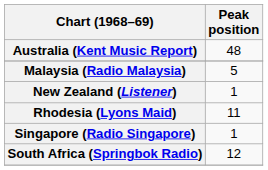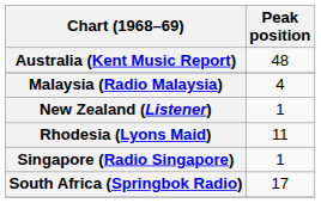 <table class="wikitable sortable plainrowheaders" style="text-align:center">
 <tr>
 <th>Chart (1968–69)</th>
 <th>Peak<br>position</th>
 </tr>
 <tr>
 <th scope="row">Australia (<a href='#'>Kent Music Report</a>)</th>
 <td>48</td>
 </tr>
 <tr>
 </tr>
 <tr>
 </tr>
 <tr>
 <th scope="row">Malaysia (<a href='#'>Radio Malaysia</a>)</th>
-<td>5</td>
+<td>4</td>
 </tr>
 <tr>
 <th scope="row">New Zealand (<em><a href='#'>Listener</a></em>)</th>
 <td>1</td>
 </tr>
 <tr>
 <th scope="row">Rhodesia (<a href='#'>Lyons Maid</a>)</th>
 <td>11</td>
 </tr>
 <tr>
 <th scope="row">Singapore (<a href='#'>Radio Singapore</a>)</th>
 <td>1</td>
 </tr>
 <tr>
 <th scope="row">South Africa (<a href='#'>Springbok Radio</a>)</th>
-<td>12</td>
+<td>17</td>
 </tr>
 <tr>
 </tr>
 </table>
